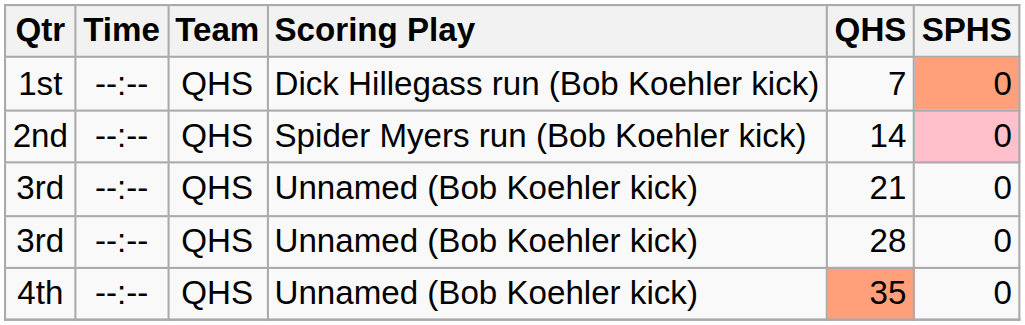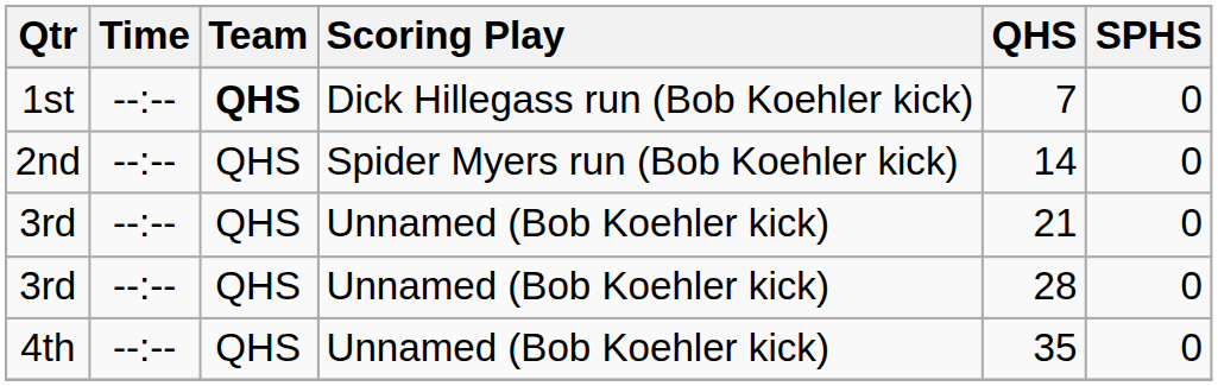 <table class="wikitable">
 <tr>
 <th style="text-align: center;">Qtr</th>
 <th style="text-align: center;">Time</th>
 <th style="text-align: center;">Team</th>
 <th style="text-align: left;">Scoring Play</th>
 <th style="text-align: right;">QHS</th>
 <th style="text-align: right;">SPHS</th>
 </tr>
 <tr>
 <td style="text-align: center;">1st</td>
 <td style="text-align: center;">--:--</td>
-<td style="text-align: center;">QHS</td>
+<td style="text-align: center;"><strong>QHS</strong></td>
 <td style="text-align: left;">Dick Hillegass run (Bob Koehler kick)</td>
 <td style="text-align: right;">7</td>
-<td style="background: lightsalmon; text-align: right;">0</td>
+<td style="text-align: right;">0</td>
 </tr>
 <tr>
 <td style="text-align: center;">2nd</td>
 <td style="text-align: center;">--:--</td>
 <td style="text-align: center;">QHS</td>
 <td style="text-align: left;">Spider Myers run (Bob Koehler kick)</td>
 <td style="text-align: right;">14</td>
-<td style="background: pink; text-align: right;">0</td>
+<td style="text-align: right;">0</td>
 </tr>
 <tr>
 <td style="text-align: center;">3rd</td>
 <td style="text-align: center;">--:--</td>
 <td style="text-align: center;">QHS</td>
 <td style="text-align: left;">Unnamed (Bob Koehler kick)</td>
 <td style="text-align: right;">21</td>
 <td style="text-align: right;">0</td>
 </tr>
 <tr>
 <td style="text-align: center;">3rd</td>
 <td style="text-align: center;">--:--</td>
 <td style="text-align: center;">QHS</td>
 <td style="text-align: left;">Unnamed (Bob Koehler kick)</td>
 <td style="text-align: right;">28</td>
 <td style="text-align: right;">0</td>
 </tr>
 <tr>
 <td style="text-align: center;">4th</td>
 <td style="text-align: center;">--:--</td>
 <td style="text-align: center;">QHS</td>
 <td style="text-align: left;">Unnamed (Bob Koehler kick)</td>
-<td style="background: lightsalmon; text-align: right;">35</td>
+<td style="text-align: right;">35</td>
 <td style="text-align: right;">0</td>
 </tr>
 <tr>
 </tr>
 </table>
